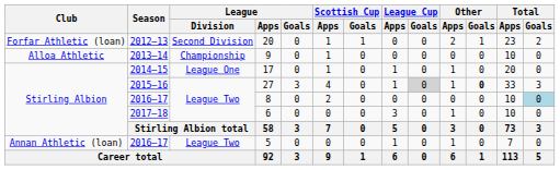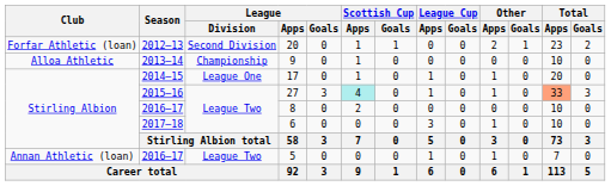 <table class="wikitable" style="text-align:center">
 <tr>
 <th rowspan="2">Club</th>
 <th rowspan="2">Season</th>
 <th colspan="3">League</th>
 <th colspan="2"><a href='#'>Scottish Cup</a></th>
 <th colspan="2"><a href='#'>League Cup</a></th>
 <th colspan="2">Other</th>
 <th colspan="2">Total</th>
 </tr>
 <tr>
 <th>Division</th>
 <th>Apps</th>
 <th>Goals</th>
 <th>Apps</th>
 <th>Goals</th>
 <th>Apps</th>
 <th>Goals</th>
 <th>Apps</th>
 <th>Goals</th>
 <th>Apps</th>
 <th>Goals</th>
 </tr>
 <tr>
 <td><a href='#'>Forfar Athletic</a> (loan)</td>
 <td><a href='#'>2012–13</a></td>
 <td><a href='#'>Second Division</a></td>
 <td>20</td>
 <td>0</td>
 <td>1</td>
 <td>1</td>
 <td>0</td>
 <td>0</td>
 <td>2</td>
 <td>1</td>
 <td>23</td>
 <td>2</td>
 </tr>
 <tr>
 <td><a href='#'>Alloa Athletic</a></td>
 <td><a href='#'>2013–14</a></td>
 <td><a href='#'>Championship</a></td>
 <td>9</td>
 <td>0</td>
 <td>1</td>
 <td>0</td>
 <td>0</td>
 <td>0</td>
 <td>0</td>
 <td>0</td>
 <td>10</td>
 <td>0</td>
 </tr>
 <tr>
 <td rowspan="5"><a href='#'>Stirling Albion</a></td>
 <td><a href='#'>2014–15</a></td>
 <td><a href='#'>League One</a></td>
 <td>17</td>
 <td>0</td>
 <td>1</td>
 <td>0</td>
 <td>1</td>
 <td>0</td>
 <td>1</td>
 <td>0</td>
 <td>20</td>
 <td>0</td>
 </tr>
 <tr>
 <td><a href='#'>2015–16</a></td>
 <td rowspan="3"><a href='#'>League Two</a></td>
 <td>27</td>
 <td>3</td>
-<td>4</td>
+<td style="background: paleturquoise;">4</td>
 <td>0</td>
 <td>1</td>
-<td style="background: lightgrey;">0</td>
+<td>0</td>
 <td>1</td>
-<td><strong>0</strong></td>
-<td>33</td>
+<td>0</td>
+<td style="background: lightsalmon;">33</td>
 <td>3</td>
 </tr>
 <tr>
 <td><a href='#'>2016–17</a></td>
 <td>8</td>
 <td>0</td>
 <td>2</td>
 <td>0</td>
 <td>0</td>
 <td>0</td>
 <td>0</td>
 <td>0</td>
 <td>10</td>
-<td style="background: lightblue;">0</td>
+<td>0</td>
 </tr>
 <tr>
 <td><a href='#'>2017–18</a></td>
 <td>6</td>
 <td>0</td>
 <td>0</td>
 <td>0</td>
 <td>3</td>
 <td>0</td>
 <td>1</td>
 <td>0</td>
 <td>10</td>
 <td>0</td>
 </tr>
 <tr>
 <th colspan="2">Stirling Albion total</th>
 <th>58</th>
 <th>3</th>
 <th>7</th>
 <th>0</th>
 <th>5</th>
 <th>0</th>
 <th>3</th>
 <th>0</th>
 <th>73</th>
 <th>3</th>
 </tr>
 <tr>
 <td><a href='#'>Annan Athletic</a> (loan)</td>
 <td><a href='#'>2016–17</a></td>
 <td><a href='#'>League Two</a></td>
 <td>5</td>
 <td>0</td>
 <td>0</td>
 <td>0</td>
 <td>1</td>
 <td>0</td>
 <td>1</td>
 <td>0</td>
 <td>7</td>
 <td>0</td>
 </tr>
 <tr>
 <th colspan="3">Career total</th>
 <th>92</th>
 <th>3</th>
 <th>9</th>
 <th>1</th>
 <th>6</th>
 <th>0</th>
 <th>6</th>
 <th>1</th>
 <th>113</th>
 <th>5</th>
 </tr>
 </table>
